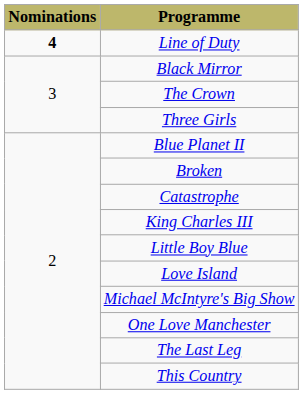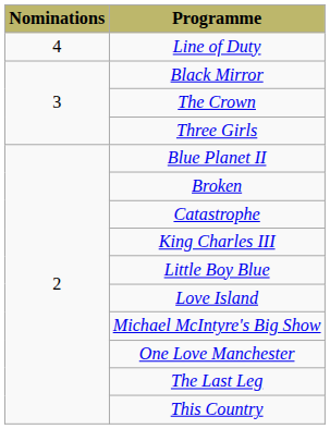 <table class="wikitable" style="text-align:center;">
 <tr>
 <th style="background:#BDB76B;">Nominations</th>
 <th style="background:#BDB76B;">Programme</th>
 </tr>
 <tr>
-<td><strong>4</strong></td>
+<td>4</td>
 <td><em><a href='#'>Line of Duty</a></em></td>
 </tr>
 <tr>
 <td rowspan="3">3</td>
 <td><em><a href='#'>Black Mirror</a></em></td>
 </tr>
 <tr>
 <td><em><a href='#'>The Crown</a></em></td>
 </tr>
 <tr>
 <td><em><a href='#'>Three Girls</a></em></td>
 </tr>
 <tr>
 <td rowspan="10">2</td>
 <td><em><a href='#'>Blue Planet II</a></em></td>
 </tr>
 <tr>
 <td><em><a href='#'>Broken</a></em></td>
 </tr>
 <tr>
 <td><em><a href='#'>Catastrophe</a></em></td>
 </tr>
 <tr>
 <td><em><a href='#'>King Charles III</a></em></td>
 </tr>
 <tr>
 <td><em><a href='#'>Little Boy Blue</a></em></td>
 </tr>
 <tr>
 <td><em><a href='#'>Love Island</a></em></td>
 </tr>
 <tr>
 <td><em><a href='#'>Michael McIntyre's Big Show</a></em></td>
 </tr>
 <tr>
 <td><em><a href='#'>One Love Manchester</a></em></td>
 </tr>
 <tr>
 <td><em><a href='#'>The Last Leg</a></em></td>
 </tr>
 <tr>
 <td><em><a href='#'>This Country</a></em></td>
 </tr>
 </table>
